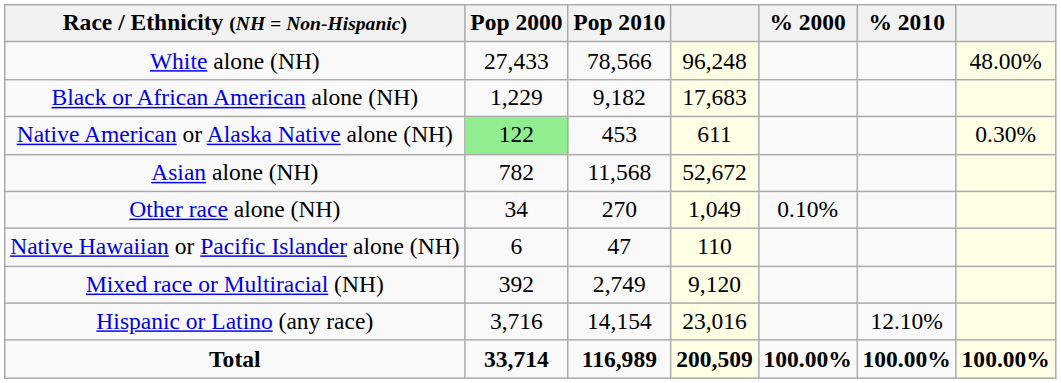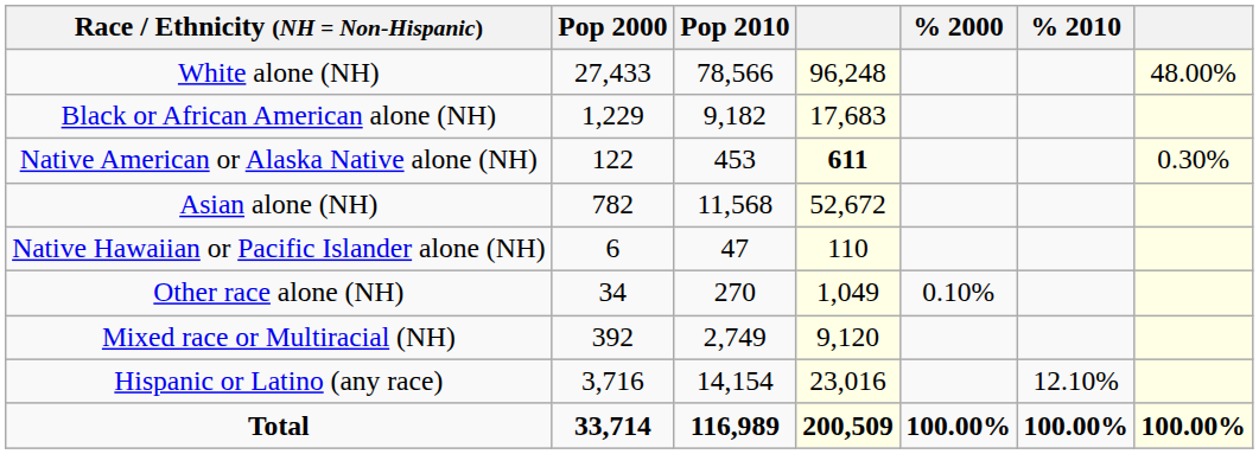 <table class="wikitable" style="text-align:center;">
 <tr>
 <th>Race / Ethnicity <small>(<em>NH = Non-Hispanic</em>)</small></th>
 <th>Pop 2000</th>
 <th>Pop 2010</th>
 <th></th>
 <th>% 2000</th>
 <th>% 2010</th>
 <th></th>
 </tr>
 <tr>
 <td><a href='#'>White</a> alone (NH)</td>
 <td>27,433</td>
 <td>78,566</td>
 <td style='background: #ffffe6;'>96,248</td>
 <td></td>
 <td></td>
 <td style='background: #ffffe6;'>48.00%</td>
 </tr>
 <tr>
 <td><a href='#'>Black or African American</a> alone (NH)</td>
 <td>1,229</td>
 <td>9,182</td>
 <td style='background: #ffffe6;'>17,683</td>
 <td></td>
 <td></td>
 <td style='background: #ffffe6;'></td>
 </tr>
 <tr>
 <td><a href='#'>Native American</a> or <a href='#'>Alaska Native</a> alone (NH)</td>
-<td style="background: lightgreen;">122</td>
+<td>122</td>
 <td>453</td>
-<td style='background: #ffffe6;'>611</td>
+<td style='background: #ffffe6;'><strong>611</strong></td>
 <td></td>
 <td></td>
 <td style='background: #ffffe6;'>0.30%</td>
 </tr>
 <tr>
 <td><a href='#'>Asian</a> alone (NH)</td>
 <td>782</td>
 <td>11,568</td>
 <td style='background: #ffffe6;'>52,672</td>
 <td></td>
 <td></td>
 <td style='background: #ffffe6;'></td>
 </tr>
 <tr>
+<td><a href='#'>Native Hawaiian</a> or <a href='#'>Pacific Islander</a> alone (NH)</td>
+<td>6</td>
+<td>47</td>
+<td style='background: #ffffe6;'>110</td>
+<td></td>
+<td></td>
+<td style='background: #ffffe6;'></td>
+</tr>
+<tr>
 <td><a href='#'>Other race</a> alone (NH)</td>
 <td>34</td>
 <td>270</td>
 <td style='background: #ffffe6;'>1,049</td>
 <td>0.10%</td>
-<td></td>
-<td style='background: #ffffe6;'></td>
-</tr>
-<tr>
-<td><a href='#'>Native Hawaiian</a> or <a href='#'>Pacific Islander</a> alone (NH)</td>
-<td>6</td>
-<td>47</td>
-<td style='background: #ffffe6;'>110</td>
-<td></td>
 <td></td>
 <td style='background: #ffffe6;'></td>
 </tr>
 <tr>
 <td><a href='#'>Mixed race or Multiracial</a> (NH)</td>
 <td>392</td>
 <td>2,749</td>
 <td style='background: #ffffe6;'>9,120</td>
 <td></td>
 <td></td>
 <td style='background: #ffffe6;'></td>
 </tr>
 <tr>
 <td><a href='#'>Hispanic or Latino</a> (any race)</td>
 <td>3,716</td>
 <td>14,154</td>
 <td style='background: #ffffe6;'>23,016</td>
 <td></td>
 <td>12.10%</td>
 <td style='background: #ffffe6;'></td>
 </tr>
 <tr>
 <td><strong>Total</strong></td>
 <td><strong>33,714</strong></td>
 <td><strong>116,989</strong></td>
 <td style='background: #ffffe6;'><strong>200,509</strong></td>
 <td><strong>100.00%</strong></td>
 <td><strong>100.00%</strong></td>
 <td style='background: #ffffe6;'><strong>100.00%</strong></td>
 </tr>
 </table>
